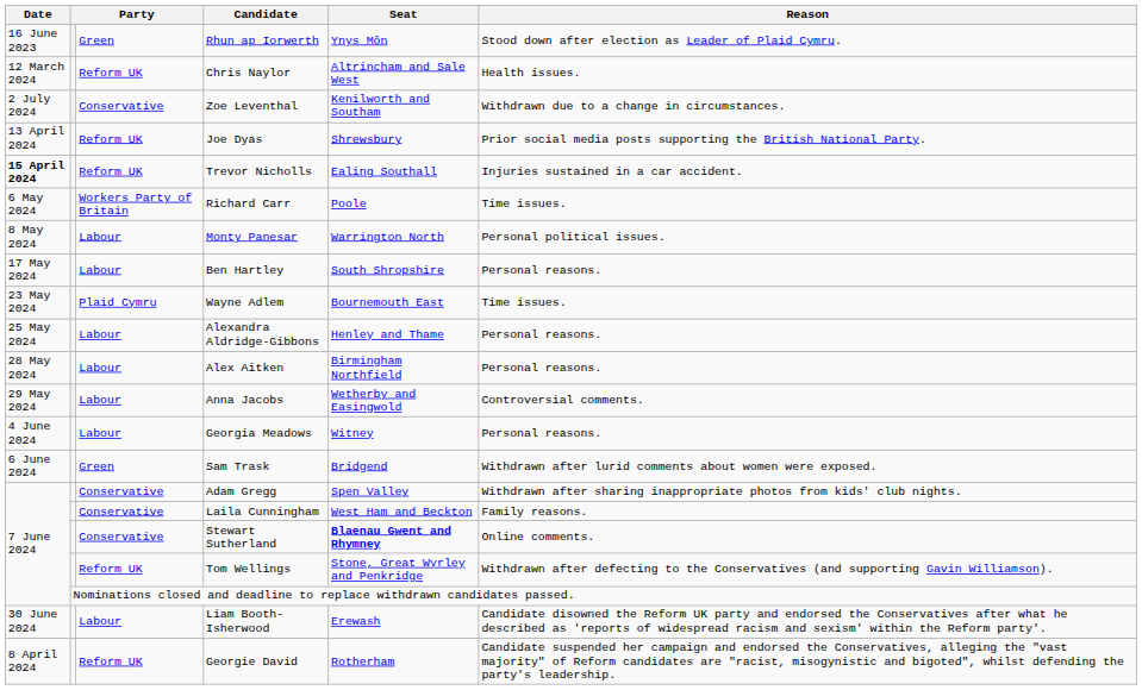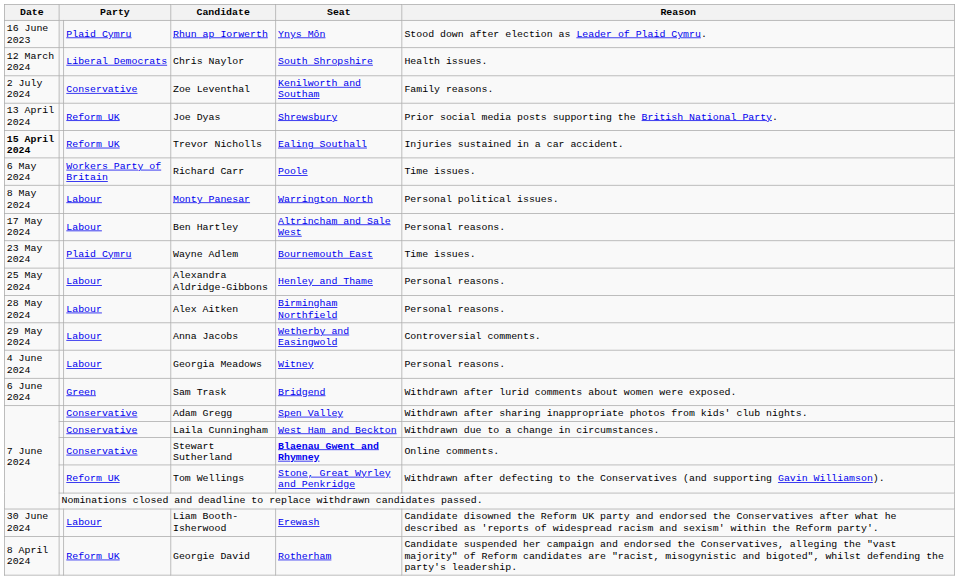 <table class="wikitable">
 <tr>
 <th>Date</th>
 <th colspan="2">Party</th>
 <th>Candidate</th>
 <th>Seat</th>
 <th>Reason</th>
 </tr>
 <tr>
 <td>16 June 2023</td>
 <th class="unsortable" style="background-color: "></th>
-<td><a href='#'>Green</a></td>
+<td><a href='#'>Plaid Cymru</a></td>
 <td><a href='#'>Rhun ap Iorwerth</a></td>
 <td><a href='#'>Ynys Môn</a></td>
 <td>Stood down after election as <a href='#'>Leader of Plaid Cymru</a>.</td>
 </tr>
 <tr>
 <td>12 March 2024</td>
 <td style="background-color: "></td>
-<td><a href='#'>Reform UK</a></td>
+<td><a href='#'>Liberal Democrats</a></td>
 <td>Chris Naylor</td>
-<td><a href='#'>Altrincham and Sale West</a></td>
+<td><a href='#'>South Shropshire</a></td>
 <td>Health issues.</td>
 </tr>
 <tr>
 <td>2 July 2024</td>
 <th class="unsortable" style="background-color: "></th>
 <td><a href='#'>Conservative</a></td>
 <td>Zoe Leventhal</td>
 <td><a href='#'>Kenilworth and Southam</a></td>
-<td>Withdrawn due to a change in circumstances.</td>
+<td>Family reasons.</td>
 </tr>
 <tr>
 <td>13 April 2024</td>
 <td class="unsortable" style="background-color: "></td>
 <td><a href='#'>Reform UK</a></td>
 <td>Joe Dyas</td>
 <td><a href='#'>Shrewsbury</a></td>
 <td>Prior social media posts supporting the <a href='#'>British National Party</a>.</td>
 </tr>
 <tr>
 <td><strong>15 April 2024</strong></td>
 <td class="unsortable" style="background-color: "></td>
 <td><a href='#'>Reform UK</a></td>
 <td>Trevor Nicholls</td>
 <td><a href='#'>Ealing Southall</a></td>
 <td>Injuries sustained in a car accident.</td>
 </tr>
 <tr>
 <td>6 May 2024</td>
 <td class="unsortable" style="background-color: "></td>
 <td><a href='#'>Workers Party of Britain</a></td>
 <td>Richard Carr</td>
 <td><a href='#'>Poole</a></td>
 <td>Time issues.</td>
 </tr>
 <tr>
 <td>8 May 2024</td>
 <td style="background-color: "></td>
 <td><a href='#'>Labour</a></td>
 <td><a href='#'>Monty Panesar</a></td>
 <td><a href='#'>Warrington North</a></td>
 <td>Personal political issues.</td>
 </tr>
 <tr>
 <td>17 May 2024</td>
 <td ! class="unsortable" style="background-color: "></td>
 <td><a href='#'>Labour</a></td>
 <td>Ben Hartley</td>
-<td><a href='#'>South Shropshire</a></td>
+<td><a href='#'>Altrincham and Sale West</a></td>
 <td>Personal reasons.</td>
 </tr>
 <tr>
 <td>23 May 2024</td>
 <td style="background-color: "></td>
 <td><a href='#'>Plaid Cymru</a></td>
 <td>Wayne Adlem</td>
 <td><a href='#'>Bournemouth East</a></td>
 <td>Time issues.</td>
 </tr>
 <tr>
 <td>25 May 2024</td>
 <td class="unsortable" style="background-color: "></td>
 <td><a href='#'>Labour</a></td>
 <td>Alexandra Aldridge-Gibbons</td>
 <td><a href='#'>Henley and Thame</a></td>
 <td>Personal reasons.</td>
 </tr>
 <tr>
 <td>28 May 2024</td>
 <td class="unsortable" style="background-color: "></td>
 <td><a href='#'>Labour</a></td>
 <td>Alex Aitken</td>
 <td><a href='#'>Birmingham Northfield</a></td>
 <td>Personal reasons.</td>
 </tr>
 <tr>
 <td>29 May 2024</td>
 <th class="unsortable" style="background-color: "></th>
 <td><a href='#'>Labour</a></td>
 <td>Anna Jacobs</td>
 <td><a href='#'>Wetherby and Easingwold</a></td>
 <td>Controversial comments.</td>
 </tr>
 <tr>
 <td>4 June 2024</td>
 <td class="unsortable" style="background-color: "></td>
 <td><a href='#'>Labour</a></td>
 <td>Georgia Meadows</td>
 <td><a href='#'>Witney</a></td>
 <td>Personal reasons.</td>
 </tr>
 <tr>
 <td>6 June 2024</td>
 <td class="unsortable" style="background-color: "></td>
 <td><a href='#'>Green</a></td>
 <td>Sam Trask</td>
 <td><a href='#'>Bridgend</a></td>
 <td>Withdrawn after lurid comments about women were exposed.</td>
 </tr>
 <tr>
 <td rowspan="5">7 June 2024</td>
 <td class="unsortable" style="background-color: "></td>
 <td><a href='#'>Conservative</a></td>
 <td>Adam Gregg</td>
 <td><a href='#'>Spen Valley</a></td>
 <td>Withdrawn after sharing inappropriate photos from kids' club nights.</td>
 </tr>
 <tr>
 <td class="unsortable" style="background-color: "></td>
 <td><a href='#'>Conservative</a></td>
 <td>Laila Cunningham</td>
 <td><a href='#'>West Ham and Beckton</a></td>
-<td>Family reasons.</td>
+<td>Withdrawn due to a change in circumstances.</td>
 </tr>
 <tr>
 <td class="unsortable" style="background-color: "></td>
 <td><a href='#'>Conservative</a></td>
 <td>Stewart Sutherland</td>
 <td><strong><a href='#'>Blaenau Gwent and Rhymney</a></strong></td>
 <td>Online comments.</td>
 </tr>
 <tr>
 <td class="unsortable" style="background-color: "></td>
 <td><a href='#'>Reform UK</a></td>
 <td>Tom Wellings</td>
 <td><a href='#'>Stone, Great Wyrley and Penkridge</a></td>
 <td>Withdrawn after defecting to the Conservatives (and supporting <a href='#'>Gavin Williamson</a>).</td>
 </tr>
 <tr>
 <td colspan="7">Nominations closed and deadline to replace withdrawn candidates passed.</td>
 </tr>
 <tr>
 <td>30 June 2024</td>
 <td class="unsortable" style="background-color: "></td>
 <td><a href='#'>Labour</a></td>
 <td>Liam Booth-Isherwood</td>
 <td><a href='#'>Erewash</a></td>
 <td>Candidate disowned the Reform UK party and endorsed the Conservatives after what he described as 'reports of widespread racism and sexism' within the Reform party'.</td>
 </tr>
 <tr>
 <td>8 April 2024</td>
 <td class="unsortable" style="background-color: "></td>
 <td><a href='#'>Reform UK</a></td>
 <td>Georgie David</td>
 <td><a href='#'>Rotherham</a></td>
 <td>Candidate suspended her campaign and endorsed the Conservatives, alleging the "vast majority" of Reform candidates are "racist, misogynistic and bigoted", whilst defending the party's leadership.</td>
 </tr>
 </table>
